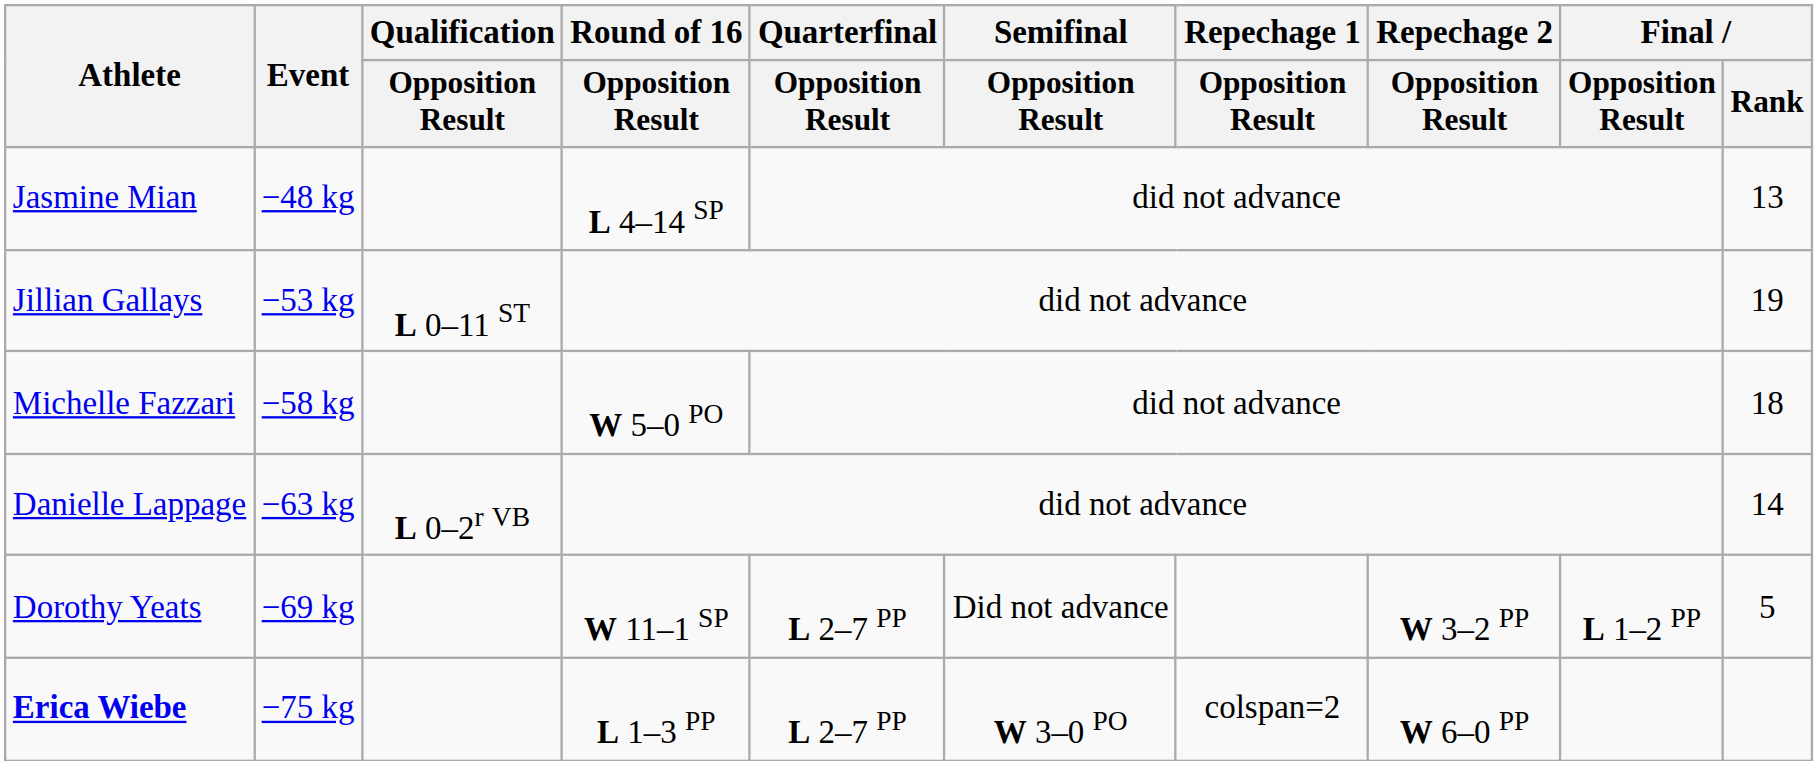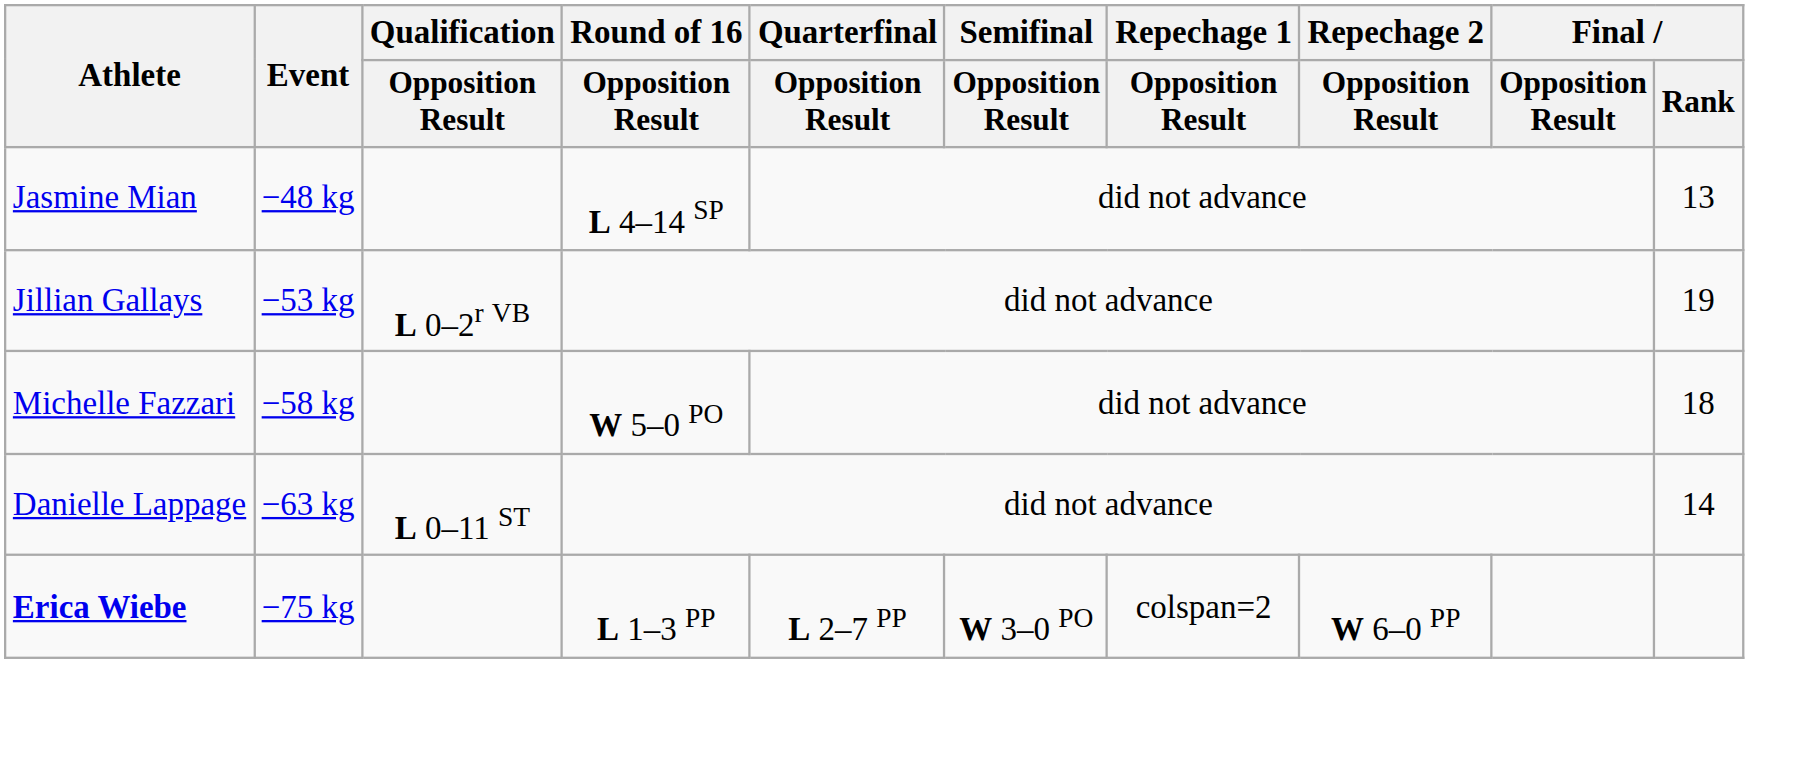 <table class="wikitable" style="font-size:90%">
 <tr>
 <th rowspan=2>Athlete</th>
 <th rowspan=2>Event</th>
 <th>Qualification</th>
 <th>Round of 16</th>
 <th>Quarterfinal</th>
 <th>Semifinal</th>
 <th>Repechage 1</th>
 <th>Repechage 2</th>
 <th colspan=2>Final / </th>
 </tr>
 <tr style="font-size: 95%">
 <th>Opposition<br>Result</th>
 <th>Opposition<br>Result</th>
 <th>Opposition<br>Result</th>
 <th>Opposition<br>Result</th>
 <th>Opposition<br>Result</th>
 <th>Opposition<br>Result</th>
 <th>Opposition<br>Result</th>
 <th>Rank</th>
 </tr>
 <tr align=center>
 <td align=left><a href='#'>Jasmine Mian</a></td>
 <td align=left><a href='#'>−48 kg</a></td>
 <td></td>
 <td><br><strong>L</strong> 4–14 <sup>SP</sup></td>
 <td colspan=5>did not advance</td>
 <td>13</td>
 </tr>
 <tr align=center>
 <td align=left><a href='#'>Jillian Gallays</a></td>
 <td align=left><a href='#'>−53 kg</a></td>
-<td><br><strong>L</strong> 0–11 <sup>ST</sup></td>
+<td><br><strong>L</strong> 0–2<sup>r</sup> <sup>VB</sup></td>
 <td colspan=6>did not advance</td>
 <td>19</td>
 </tr>
 <tr align=center>
 <td align=left><a href='#'>Michelle Fazzari</a></td>
 <td align=left><a href='#'>−58 kg</a></td>
 <td></td>
 <td><br><strong>W</strong> 5–0 <sup>PO</sup></td>
 <td colspan=5>did not advance</td>
 <td>18</td>
 </tr>
 <tr align=center>
 <td align=left><a href='#'>Danielle Lappage</a></td>
 <td align=left><a href='#'>−63 kg</a></td>
-<td><br><strong>L</strong> 0–2<sup>r</sup> <sup>VB</sup></td>
+<td><br><strong>L</strong> 0–11 <sup>ST</sup></td>
 <td colspan=6>did not advance</td>
 <td>14</td>
-</tr>
-<tr align=center>
-<td align=left><a href='#'>Dorothy Yeats</a></td>
-<td align=left><a href='#'>−69 kg</a></td>
-<td></td>
-<td><br><strong>W</strong> 11–1 <sup>SP</sup></td>
-<td><br><strong>L</strong> 2–7 <sup>PP</sup></td>
-<td>Did not advance</td>
-<td></td>
-<td><br><strong>W</strong> 3–2 <sup>PP</sup></td>
-<td><br><strong>L</strong> 1–2 <sup>PP</sup></td>
-<td>5</td>
 </tr>
 <tr align=center>
 <td align=left><strong><a href='#'>Erica Wiebe</a></strong></td>
 <td align=left><a href='#'>−75 kg</a></td>
 <td></td>
 <td><br><strong>L</strong> 1–3 <sup>PP</sup></td>
 <td><br><strong>L</strong> 2–7 <sup>PP</sup></td>
 <td><br><strong>W</strong> 3–0 <sup>PO</sup></td>
 <td>colspan=2 </td>
 <td><br><strong>W</strong> 6–0 <sup>PP</sup></td>
 <td></td>
 </tr>
 </table>
